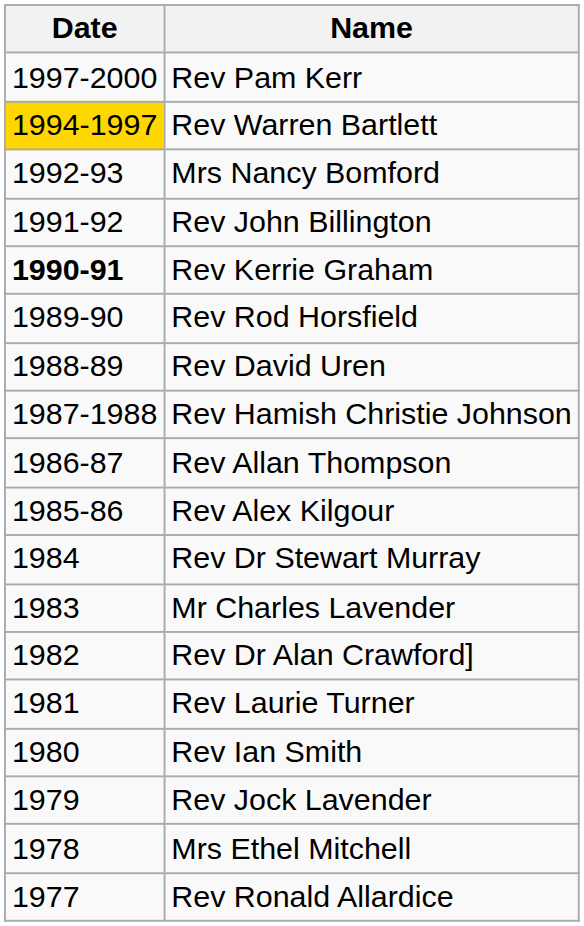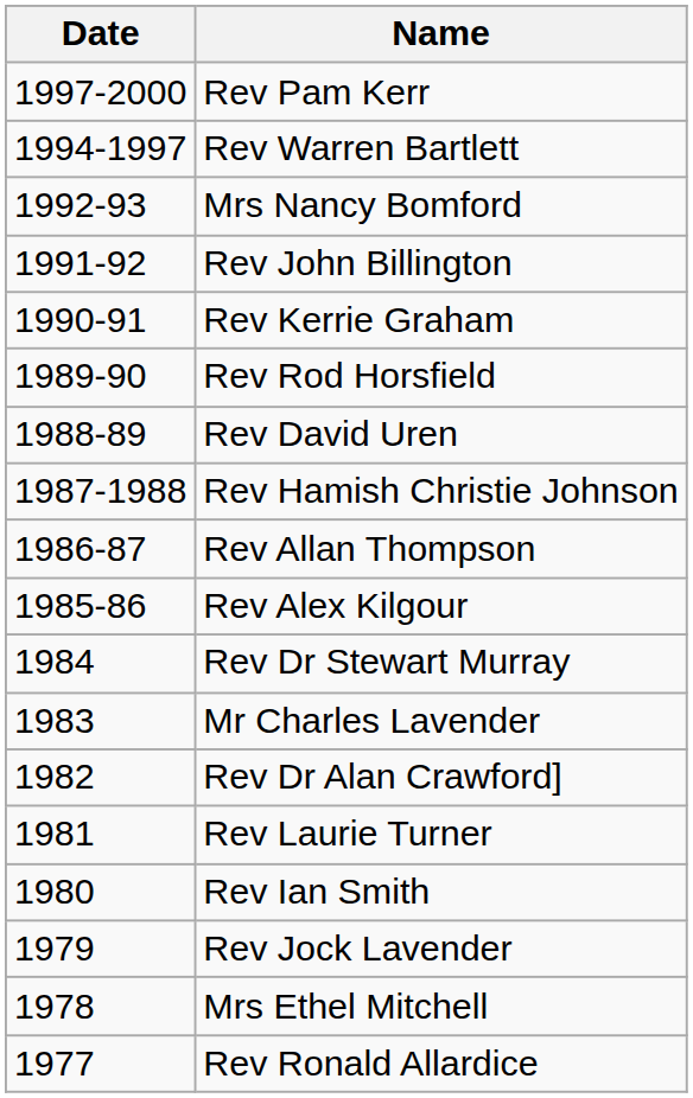 <table class="wikitable">
 <tr>
 <th>Date</th>
 <th>Name</th>
 </tr>
 <tr>
 <td>1997-2000</td>
 <td>Rev Pam Kerr</td>
 </tr>
 <tr>
-<td style="background: gold;">1994-1997</td>
+<td>1994-1997</td>
 <td>Rev Warren Bartlett</td>
 </tr>
 <tr>
 <td>1992-93</td>
 <td>Mrs Nancy Bomford</td>
 </tr>
 <tr>
 <td>1991-92</td>
 <td>Rev John Billington</td>
 </tr>
 <tr>
-<td><strong>1990-91</strong></td>
+<td>1990-91</td>
 <td>Rev Kerrie Graham</td>
 </tr>
 <tr>
 <td>1989-90</td>
 <td>Rev Rod Horsfield</td>
 </tr>
 <tr>
 <td>1988-89</td>
 <td>Rev David Uren</td>
 </tr>
 <tr>
 <td>1987-1988</td>
 <td>Rev Hamish Christie Johnson</td>
 </tr>
 <tr>
 <td>1986-87</td>
 <td>Rev Allan Thompson</td>
 </tr>
 <tr>
 <td>1985-86</td>
 <td>Rev Alex Kilgour</td>
 </tr>
 <tr>
 <td>1984</td>
 <td>Rev Dr Stewart Murray</td>
 </tr>
 <tr>
 <td>1983</td>
 <td>Mr Charles Lavender</td>
 </tr>
 <tr>
 <td>1982</td>
 <td>Rev Dr Alan Crawford]</td>
 </tr>
 <tr>
 <td>1981</td>
 <td>Rev Laurie Turner</td>
 </tr>
 <tr>
 <td>1980</td>
 <td>Rev Ian Smith</td>
 </tr>
 <tr>
 <td>1979</td>
 <td>Rev Jock Lavender</td>
 </tr>
 <tr>
 <td>1978</td>
 <td>Mrs Ethel Mitchell</td>
 </tr>
 <tr>
 <td>1977</td>
 <td>Rev Ronald Allardice</td>
 </tr>
 </table>
